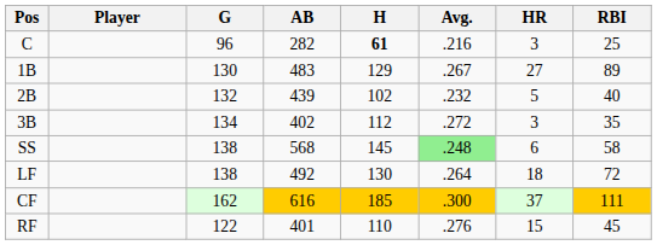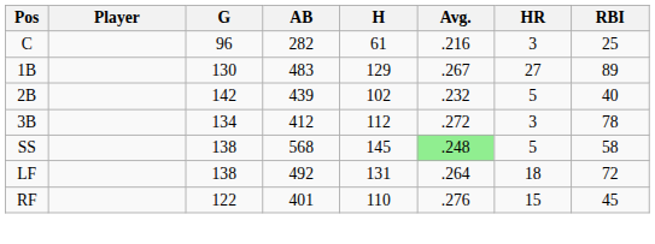 <table class="wikitable sortable">
 <tr>
 <th bgcolor="#DDDDFF" width="5%">Pos</th>
 <th bgcolor="#DDDDFF" width="16%">Player</th>
 <th bgcolor="#DDDDFF" width="9%">G</th>
 <th bgcolor="#DDDDFF" width="9%">AB</th>
 <th bgcolor="#DDDDFF" width="9%">H</th>
 <th bgcolor="#DDDDFF" width="9%">Avg.</th>
 <th bgcolor="#DDDDFF" width="9%">HR</th>
 <th bgcolor="#DDDDFF" width="9%">RBI</th>
 </tr>
 <tr align="center">
 <td>C</td>
 <td></td>
 <td>96</td>
 <td>282</td>
-<td><strong>61</strong></td>
+<td>61</td>
 <td>.216</td>
 <td>3</td>
 <td>25</td>
 </tr>
 <tr align="center">
 <td>1B</td>
 <td></td>
 <td>130</td>
 <td>483</td>
 <td>129</td>
 <td>.267</td>
 <td>27</td>
 <td>89</td>
 </tr>
 <tr align="center">
 <td>2B</td>
 <td></td>
-<td>132</td>
+<td>142</td>
 <td>439</td>
 <td>102</td>
 <td>.232</td>
 <td>5</td>
 <td>40</td>
 </tr>
 <tr align="center">
 <td>3B</td>
 <td></td>
 <td>134</td>
-<td>402</td>
+<td>412</td>
 <td>112</td>
 <td>.272</td>
 <td>3</td>
-<td>35</td>
+<td>78</td>
 </tr>
 <tr align="center">
 <td>SS</td>
 <td></td>
 <td>138</td>
 <td>568</td>
 <td>145</td>
 <td style="background: lightgreen;">.248</td>
-<td>6</td>
+<td>5</td>
 <td>58</td>
 </tr>
 <tr align="center">
 <td>LF</td>
 <td></td>
 <td>138</td>
 <td>492</td>
-<td>130</td>
+<td>131</td>
 <td>.264</td>
 <td>18</td>
 <td>72</td>
-</tr>
-<tr align="center">
-<td>CF</td>
-<td></td>
-<td style="background:#DDFFDD;">162</td>
-<td style="background:#fc0;">616</td>
-<td style="background:#fc0;">185</td>
-<td style="background:#fc0;">.300</td>
-<td style="background:#DDFFDD;">37</td>
-<td style="background:#fc0;">111</td>
 </tr>
 <tr align="center">
 <td>RF</td>
 <td></td>
 <td>122</td>
 <td>401</td>
 <td>110</td>
 <td>.276</td>
 <td>15</td>
 <td>45</td>
 </tr>
 </table>
